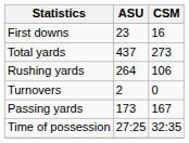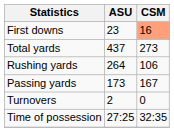 <table class="wikitable" style="float: left;">
 <tr>
 <th>Statistics</th>
 <th>ASU</th>
 <th>CSM</th>
 </tr>
 <tr>
 <td>First downs</td>
 <td>23</td>
-<td>16</td>
+<td style="background: lightsalmon;">16</td>
 </tr>
 <tr>
 <td>Total yards</td>
 <td>437</td>
 <td>273</td>
 </tr>
 <tr>
 <td>Rushing yards</td>
 <td>264</td>
 <td>106</td>
 </tr>
 <tr>
+<td>Passing yards</td>
+<td>173</td>
+<td>167</td>
+</tr>
+<tr>
 <td>Turnovers</td>
 <td>2</td>
 <td>0</td>
-</tr>
-<tr>
-<td>Passing yards</td>
-<td>173</td>
-<td>167</td>
 </tr>
 <tr>
 <td>Time of possession</td>
 <td>27:25</td>
 <td>32:35</td>
 </tr>
 <tr>
 </tr>
 </table>
